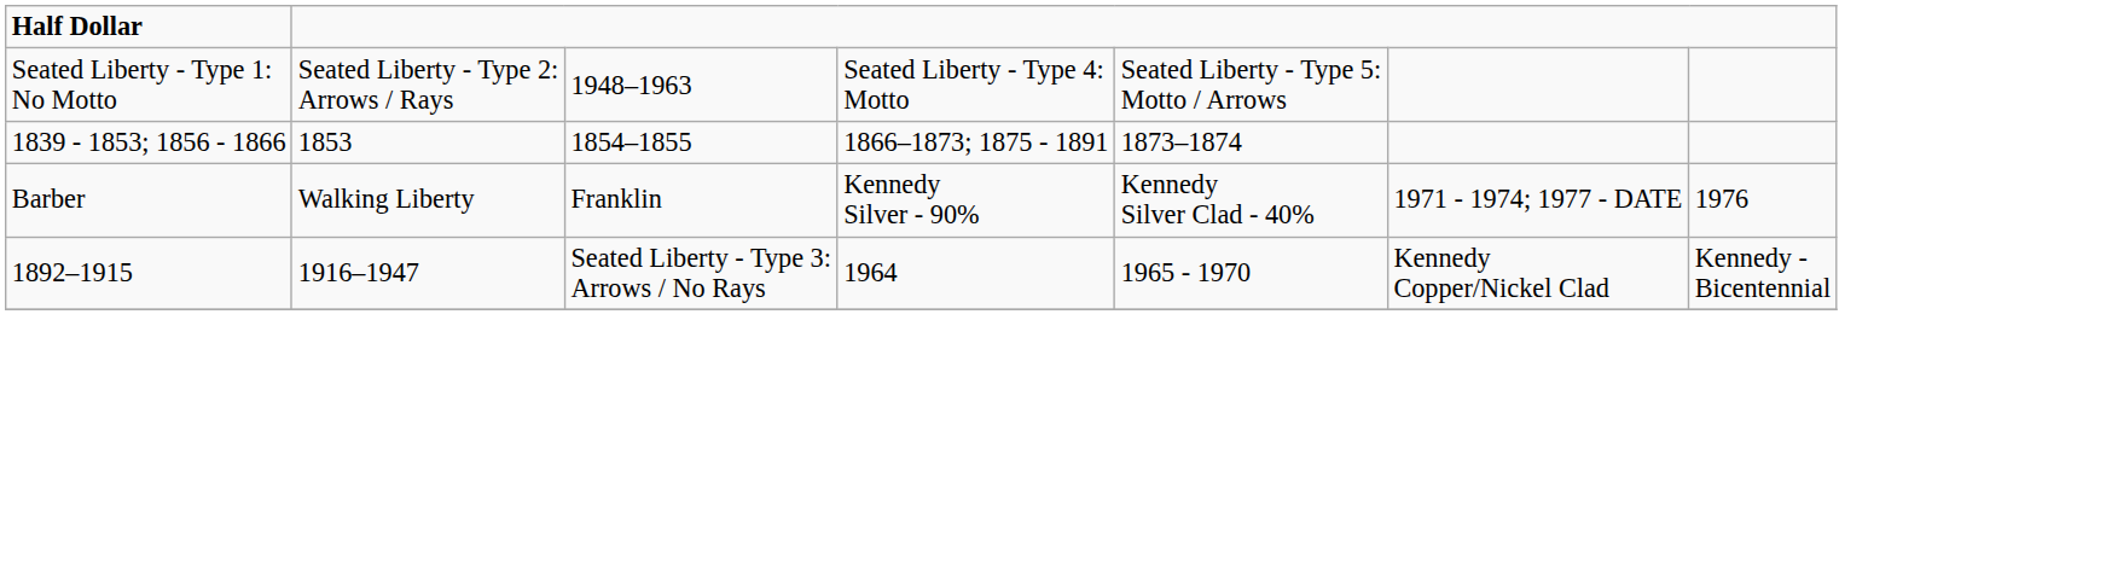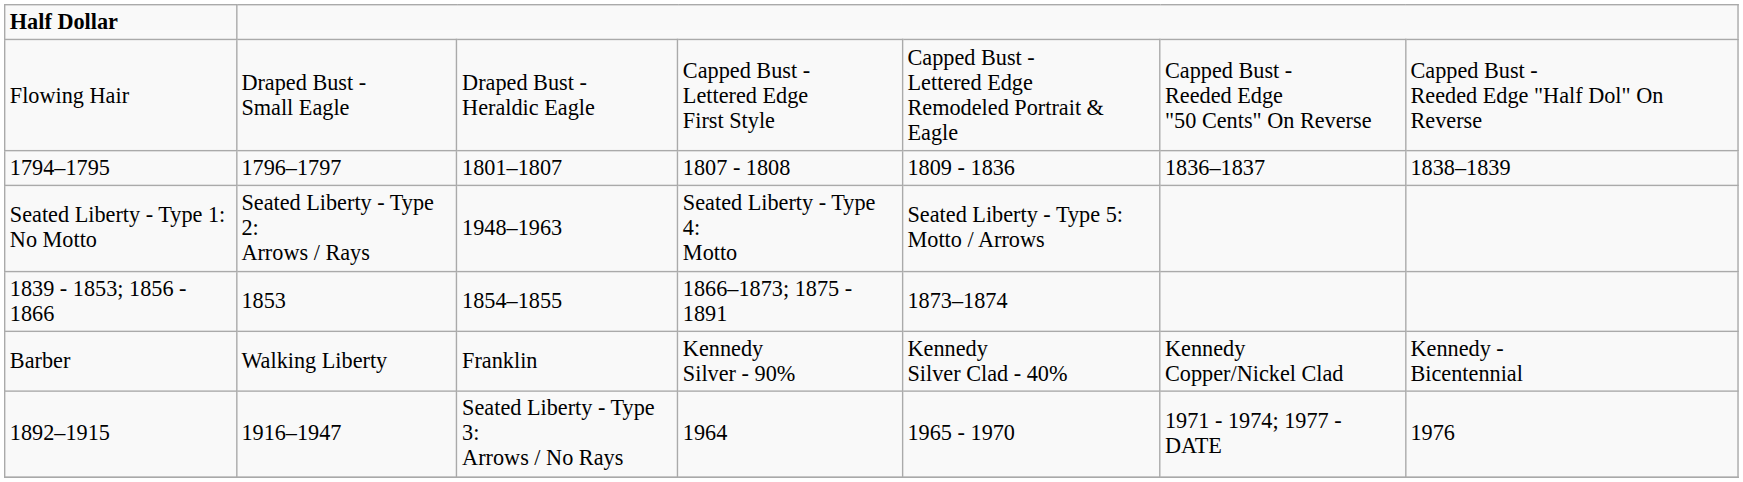 <table class="wikitable">
 <tr>
 <td><strong>Half Dollar</strong></td>
+</tr>
+<tr>
+<td>Flowing Hair</td>
+<td>Draped Bust -<br>Small Eagle</td>
+<td>Draped Bust -<br>Heraldic Eagle</td>
+<td>Capped  Bust -<br>Lettered Edge<br>First Style</td>
+<td>Capped  Bust -<br>Lettered Edge<br>Remodeled Portrait & Eagle</td>
+<td>Capped Bust -<br>Reeded Edge<br>"50 Cents" On Reverse</td>
+<td>Capped Bust -<br>Reeded Edge  "Half Dol" On Reverse</td>
+</tr>
+<tr>
+<td>1794–1795</td>
+<td>1796–1797</td>
+<td>1801–1807</td>
+<td>1807 - 1808</td>
+<td>1809 - 1836</td>
+<td>1836–1837</td>
+<td>1838–1839</td>
 </tr>
 <tr>
 <td>Seated Liberty - Type 1:<br>No Motto</td>
 <td>Seated Liberty - Type 2:<br>Arrows / Rays</td>
 <td>1948–1963</td>
 <td>Seated Liberty - Type 4:<br>Motto</td>
 <td>Seated Liberty - Type 5:<br>Motto / Arrows</td>
 <td></td>
 <td></td>
 </tr>
 <tr>
 <td>1839 - 1853; 1856 - 1866</td>
 <td>1853</td>
 <td>1854–1855</td>
 <td>1866–1873; 1875 - 1891</td>
 <td>1873–1874</td>
 <td></td>
 <td></td>
 </tr>
 <tr>
 <td>Barber</td>
 <td>Walking Liberty</td>
 <td>Franklin</td>
 <td>Kennedy<br>Silver - 90%</td>
 <td>Kennedy<br>Silver Clad - 40%</td>
-<td>1971 - 1974; 1977 - DATE</td>
-<td>1976</td>
+<td>Kennedy<br>Copper/Nickel Clad</td>
+<td>Kennedy -<br>Bicentennial</td>
 </tr>
 <tr>
 <td>1892–1915</td>
 <td>1916–1947</td>
 <td>Seated Liberty - Type 3:<br>Arrows / No Rays</td>
 <td>1964</td>
 <td>1965 - 1970</td>
-<td>Kennedy<br>Copper/Nickel Clad</td>
-<td>Kennedy -<br>Bicentennial</td>
+<td>1971 - 1974; 1977 - DATE</td>
+<td>1976</td>
 </tr>
 <tr>
 </tr>
 </table>
